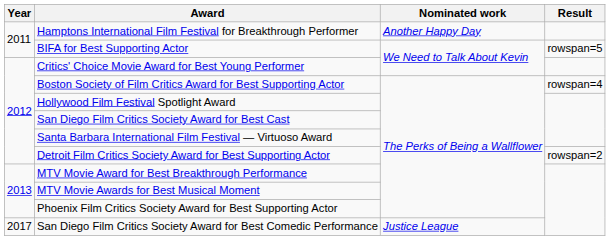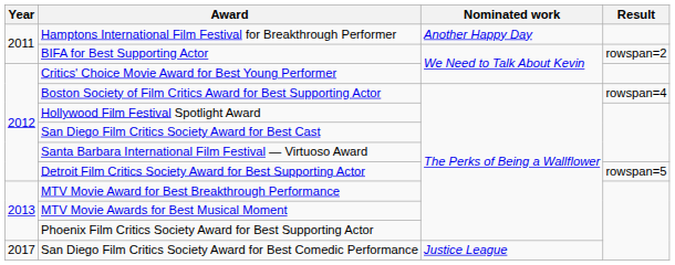 <table class="wikitable sortable">
 <tr>
 <th>Year</th>
 <th>Award</th>
 <th>Nominated work</th>
 <th>Result</th>
 </tr>
 <tr>
 <td rowspan=2>2011</td>
 <td><a href='#'>Hamptons International Film Festival</a> for Breakthrough Performer</td>
 <td><em><a href='#'>Another Happy Day</a></em></td>
 <td></td>
 </tr>
 <tr>
 <td><a href='#'>BIFA for Best Supporting Actor</a></td>
 <td rowspan=2><em><a href='#'>We Need to Talk About Kevin</a></em></td>
-<td>rowspan=5 </td>
+<td>rowspan=2 </td>
 </tr>
 <tr>
 <td rowspan=6><a href='#'>2012</a></td>
 <td><a href='#'>Critics' Choice Movie Award for Best Young Performer</a></td>
 </tr>
 <tr>
 <td><a href='#'>Boston Society of Film Critics Award for Best Supporting Actor</a></td>
 <td rowspan=8><em><a href='#'>The Perks of Being a Wallflower</a></em></td>
 <td>rowspan=4 </td>
 </tr>
 <tr>
 <td><a href='#'>Hollywood Film Festival</a> Spotlight Award</td>
 </tr>
 <tr>
 <td><a href='#'>San Diego Film Critics Society Award for Best Cast</a></td>
 </tr>
 <tr>
 <td><a href='#'>Santa Barbara International Film Festival</a> — Virtuoso Award</td>
 </tr>
 <tr>
 <td><a href='#'>Detroit Film Critics Society Award for Best Supporting Actor</a></td>
-<td>rowspan=2 </td>
+<td>rowspan=5 </td>
 </tr>
 <tr>
 <td rowspan=3><a href='#'>2013</a></td>
 <td><a href='#'>MTV Movie Award for Best Breakthrough Performance</a></td>
 </tr>
 <tr>
 <td><a href='#'>MTV Movie Awards for Best Musical Moment</a> </td>
 </tr>
 <tr>
 <td>Phoenix Film Critics Society Award for Best Supporting Actor</td>
 </tr>
 <tr>
 <td>2017</td>
 <td>San Diego Film Critics Society Award for Best Comedic Performance</td>
 <td><em><a href='#'>Justice League</a></em></td>
 </tr>
 </table>
